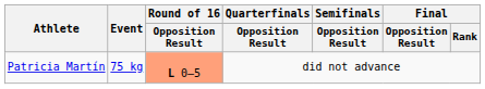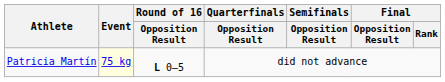 <table class="wikitable" style="font-size:90%">
 <tr>
 <th rowspan="2">Athlete</th>
 <th rowspan="2">Event</th>
 <th>Round of 16</th>
 <th>Quarterfinals</th>
 <th>Semifinals</th>
 <th colspan=2>Final</th>
 </tr>
 <tr style="font-size:95%">
 <th>Opposition<br>Result</th>
 <th>Opposition<br>Result</th>
 <th>Opposition<br>Result</th>
 <th>Opposition<br>Result</th>
 <th>Rank</th>
 </tr>
 <tr align=center>
 <td align=left><a href='#'>Patricia Martín</a></td>
-<td align=left><a href='#'>75 kg</a></td>
-<td style="background: lightsalmon;"><br><strong>L</strong> 0–5</td>
+<td align=left style="background: lightyellow;"><a href='#'>75 kg</a></td>
+<td><br><strong>L</strong> 0–5</td>
 <td colspan=5>did not advance</td>
 </tr>
 </table>
